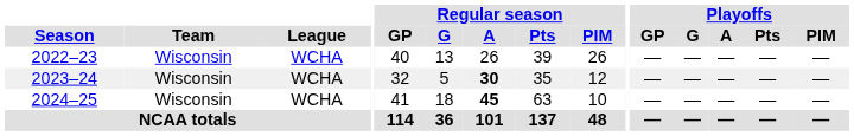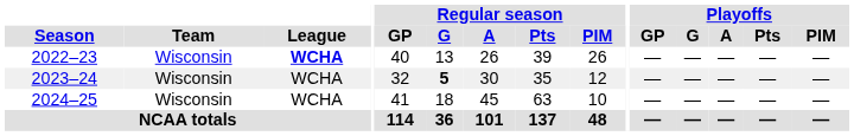 <table border="0" cellpadding="1" cellspacing="0" style="text-align:center; width:50em">
 <tr bgcolor="#e0e0e0">
 <th colspan="3" bgcolor="#ffffff"></th>
 <th rowspan="97" bgcolor="#ffffff"></th>
 <th colspan="5"><a href='#'>Regular season</a></th>
 <th rowspan="97" bgcolor="#ffffff"></th>
 <th colspan="5"><a href='#'>Playoffs</a></th>
 </tr>
 <tr bgcolor="#e0e0e0">
 <th><a href='#'>Season</a></th>
 <th>Team</th>
 <th>League</th>
 <th>GP</th>
 <th><a href='#'>G</a></th>
 <th><a href='#'>A</a></th>
 <th><a href='#'>Pts</a></th>
 <th><a href='#'>PIM</a></th>
 <th>GP</th>
 <th>G</th>
 <th>A</th>
 <th>Pts</th>
 <th>PIM</th>
 </tr>
 <tr>
 <td><a href='#'>2022–23</a></td>
 <td><a href='#'>Wisconsin</a></td>
-<td><a href='#'>WCHA</a></td>
+<td><strong><a href='#'>WCHA</a></strong></td>
 <td>40</td>
 <td>13</td>
 <td>26</td>
 <td>39</td>
 <td>26</td>
 <td>—</td>
 <td>—</td>
 <td>—</td>
 <td>—</td>
 <td>—</td>
 </tr>
 <tr bgcolor="#f0f0f0">
 <td><a href='#'>2023–24</a></td>
 <td>Wisconsin</td>
 <td>WCHA</td>
 <td>32</td>
-<td>5</td>
-<td><strong>30</strong></td>
+<td><strong>5</strong></td>
+<td>30</td>
 <td>35</td>
 <td>12</td>
 <td>—</td>
 <td>—</td>
 <td>—</td>
 <td>—</td>
 <td>—</td>
 </tr>
 <tr>
 <td><a href='#'>2024–25</a></td>
 <td>Wisconsin</td>
 <td>WCHA</td>
 <td>41</td>
 <td>18</td>
-<td><strong>45</strong></td>
+<td>45</td>
 <td>63</td>
 <td>10</td>
 <td>—</td>
 <td>—</td>
 <td>—</td>
 <td>—</td>
 <td>—</td>
 </tr>
 <tr bgcolor="#e0e0e0">
 <th colspan="3">NCAA totals</th>
 <th>114</th>
 <th>36</th>
 <th>101</th>
 <th>137</th>
 <th>48</th>
 <th>—</th>
 <th>—</th>
 <th>—</th>
 <th>—</th>
 <th>—</th>
 </tr>
 </table>
